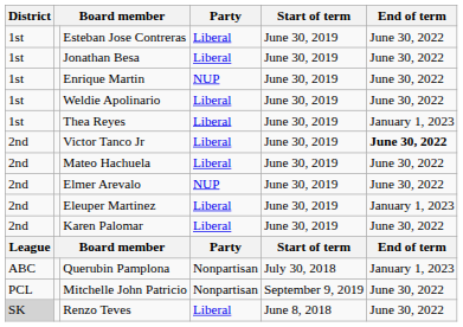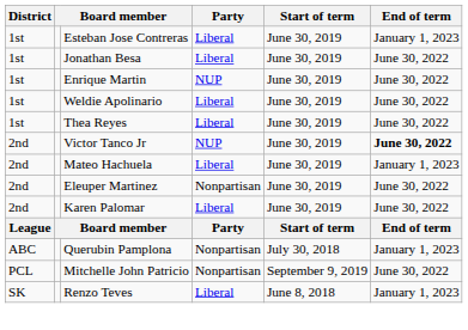 <table class="wikitable">
 <tr>
 <th>District</th>
 <th colspan="2">Board member</th>
 <th>Party</th>
 <th>Start of term</th>
 <th>End of term</th>
 </tr>
 <tr>
 <td>1st</td>
 <td></td>
 <td>Esteban Jose Contreras</td>
 <td><a href='#'>Liberal</a></td>
 <td>June 30, 2019</td>
-<td>June 30, 2022</td>
+<td>January 1, 2023</td>
 </tr>
 <tr>
 <td>1st</td>
 <td></td>
 <td>Jonathan Besa</td>
 <td><a href='#'>Liberal</a></td>
 <td>June 30, 2019</td>
 <td>June 30, 2022</td>
 </tr>
 <tr>
 <td>1st</td>
 <td></td>
 <td>Enrique Martin</td>
 <td><a href='#'>NUP</a></td>
 <td>June 30, 2019</td>
 <td>June 30, 2022</td>
 </tr>
 <tr>
 <td>1st</td>
 <td></td>
 <td>Weldie Apolinario</td>
 <td><a href='#'>Liberal</a></td>
 <td>June 30, 2019</td>
 <td>June 30, 2022</td>
 </tr>
 <tr>
 <td>1st</td>
 <td></td>
 <td>Thea Reyes</td>
 <td><a href='#'>Liberal</a></td>
 <td>June 30, 2019</td>
-<td>January 1, 2023</td>
+<td>June 30, 2022</td>
 </tr>
 <tr>
 <td>2nd</td>
 <td></td>
 <td>Victor Tanco Jr</td>
-<td><a href='#'>Liberal</a></td>
+<td><a href='#'>NUP</a></td>
 <td>June 30, 2019</td>
 <td><strong>June 30, 2022</strong></td>
 </tr>
 <tr>
 <td>2nd</td>
 <td></td>
 <td>Mateo Hachuela</td>
 <td><a href='#'>Liberal</a></td>
 <td>June 30, 2019</td>
-<td>June 30, 2022</td>
-</tr>
-<tr>
-<td>2nd</td>
-<td></td>
-<td>Elmer Arevalo</td>
-<td><a href='#'>NUP</a></td>
-<td>June 30, 2019</td>
-<td>June 30, 2022</td>
+<td>January 1, 2023</td>
 </tr>
 <tr>
 <td>2nd</td>
 <td></td>
 <td>Eleuper Martinez</td>
-<td><a href='#'>Liberal</a></td>
+<td>Nonpartisan</td>
 <td>June 30, 2019</td>
-<td>January 1, 2023</td>
+<td>June 30, 2022</td>
 </tr>
 <tr>
 <td>2nd</td>
 <td></td>
 <td>Karen Palomar</td>
 <td><a href='#'>Liberal</a></td>
 <td>June 30, 2019</td>
 <td>June 30, 2022</td>
 </tr>
 <tr>
 <th>League</th>
 <th colspan="2">Board member</th>
 <th>Party</th>
 <th>Start of term</th>
 <th>End of term</th>
 </tr>
 <tr>
 <td>ABC</td>
 <td></td>
 <td>Querubin Pamplona</td>
 <td>Nonpartisan</td>
 <td>July 30, 2018</td>
 <td>January 1, 2023</td>
 </tr>
 <tr>
 <td>PCL</td>
 <td></td>
 <td>Mitchelle John Patricio</td>
 <td>Nonpartisan</td>
 <td>September 9, 2019</td>
 <td>June 30, 2022</td>
 </tr>
 <tr>
-<td style="background: lightgrey;">SK</td>
+<td>SK</td>
 <td></td>
 <td>Renzo Teves</td>
 <td><a href='#'>Liberal</a></td>
 <td>June 8, 2018</td>
-<td>June 30, 2022</td>
+<td>January 1, 2023</td>
 </tr>
 </table>
